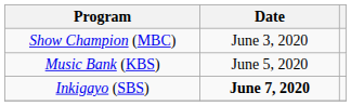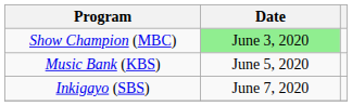 <table class="wikitable" style="text-align:center">
 <tr>
 <th width="200">Program</th>
 <th width="140">Date</th>
 <th></th>
 </tr>
 <tr>
 <td><em><a href='#'>Show Champion</a></em> (<a href='#'>MBC</a>)</td>
-<td>June 3, 2020</td>
+<td style="background: lightgreen;">June 3, 2020</td>
 <td></td>
 </tr>
 <tr>
 <td><em><a href='#'>Music Bank</a></em> (<a href='#'>KBS</a>)</td>
 <td>June 5, 2020</td>
 <td></td>
 </tr>
 <tr>
 <td><em><a href='#'>Inkigayo</a></em> (<a href='#'>SBS</a>)</td>
-<td><strong>June 7, 2020</strong></td>
+<td>June 7, 2020</td>
 <td></td>
 </tr>
 <tr>
 </tr>
 </table>
